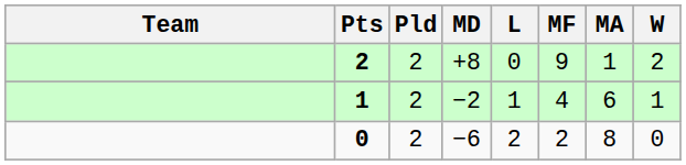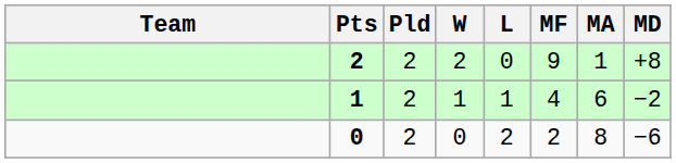 <table class=wikitable style="text-align:center">
 <tr>
 <th width=175>Team</th>
 <th width=20>Pts</th>
 <th width=20>Pld</th>
-<th width=20>MD</th>
+<th width=20>W</th>
 <th width=20>L</th>
 <th width=20>MF</th>
 <th width=20>MA</th>
-<th width=20>W</th>
+<th width=20>MD</th>
 </tr>
 <tr bgcolor=#ccffcc>
 <td align=left></td>
 <td><strong>2</strong></td>
 <td>2</td>
-<td>+8</td>
+<td>2</td>
 <td>0</td>
 <td>9</td>
 <td>1</td>
-<td>2</td>
+<td>+8</td>
 </tr>
 <tr bgcolor=#ccffcc>
 <td align=left></td>
 <td><strong>1</strong></td>
 <td>2</td>
-<td>−2</td>
+<td>1</td>
 <td>1</td>
 <td>4</td>
 <td>6</td>
-<td>1</td>
+<td>−2</td>
 </tr>
 <tr>
 <td align=left></td>
 <td><strong>0</strong></td>
 <td>2</td>
-<td>−6</td>
+<td>0</td>
 <td>2</td>
 <td>2</td>
 <td>8</td>
-<td>0</td>
+<td>−6</td>
 </tr>
 </table>
